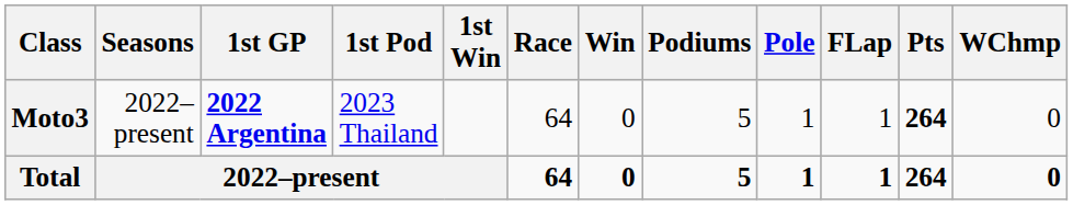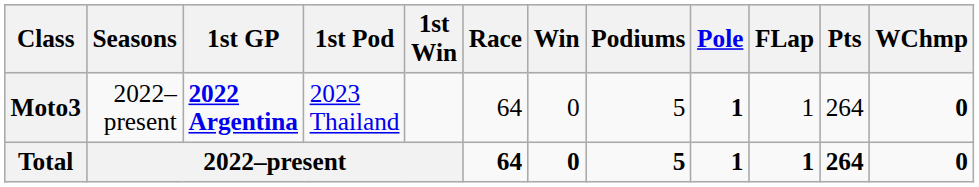 <table class="wikitable" style="text-align:right;">
 <tr>
 <th>Class</th>
 <th>Seasons</th>
 <th>1st GP</th>
 <th>1st Pod</th>
 <th>1st Win</th>
 <th>Race</th>
 <th>Win</th>
 <th>Podiums</th>
 <th><a href='#'>Pole</a></th>
 <th>FLap</th>
 <th>Pts</th>
 <th>WChmp</th>
 </tr>
 <tr>
 <th>Moto3</th>
 <td>2022–present</td>
 <td style="text-align:left;"><strong><a href='#'>2022 Argentina</a></strong></td>
 <td style="text-align:left;"><a href='#'>2023 Thailand</a></td>
 <td></td>
 <td>64</td>
 <td>0</td>
 <td>5</td>
+<td><strong>1</strong></td>
 <td>1</td>
-<td>1</td>
-<td><strong>264</strong></td>
-<td>0</td>
+<td>264</td>
+<td><strong>0</strong></td>
 </tr>
 <tr>
 <th>Total</th>
 <th colspan="4">2022–present</th>
 <td><strong>64</strong></td>
 <td><strong>0</strong></td>
 <td><strong>5</strong></td>
 <td><strong>1</strong></td>
 <td><strong>1</strong></td>
 <td><strong>264</strong></td>
 <td><strong>0</strong></td>
 </tr>
 </table>
